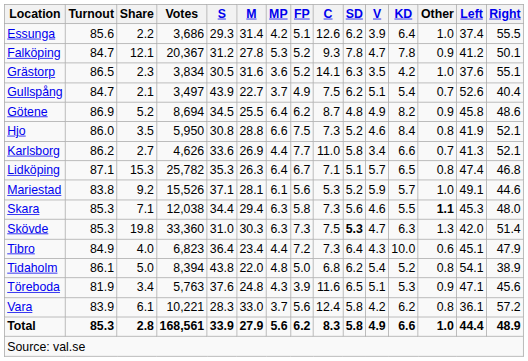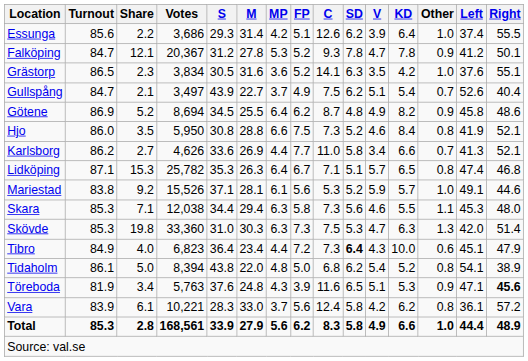 <table class="wikitable sortable" style=text-align:right>
 <tr>
 <th>Location</th>
 <th>Turnout</th>
 <th>Share</th>
 <th>Votes</th>
 <th><a href='#'>S</a></th>
 <th><a href='#'>M</a></th>
 <th><a href='#'>MP</a></th>
 <th><a href='#'>FP</a></th>
 <th><a href='#'>C</a></th>
 <th><a href='#'>SD</a></th>
 <th><a href='#'>V</a></th>
 <th><a href='#'>KD</a></th>
 <th>Other</th>
 <th><a href='#'>Left</a></th>
 <th><a href='#'>Right</a></th>
 </tr>
 <tr>
 <td align=left><a href='#'>Essunga</a></td>
 <td>85.6</td>
 <td>2.2</td>
 <td>3,686</td>
 <td>29.3</td>
 <td>31.4</td>
 <td>4.2</td>
 <td>5.1</td>
 <td>12.6</td>
 <td>6.2</td>
 <td>3.9</td>
 <td>6.4</td>
 <td>1.0</td>
 <td>37.4</td>
 <td>55.5</td>
 </tr>
 <tr>
 <td align=left><a href='#'>Falköping</a></td>
 <td>84.7</td>
 <td>12.1</td>
 <td>20,367</td>
 <td>31.2</td>
 <td>27.8</td>
 <td>5.3</td>
 <td>5.2</td>
 <td>9.3</td>
 <td>7.8</td>
 <td>4.7</td>
 <td>7.8</td>
 <td>0.9</td>
 <td>41.2</td>
 <td>50.1</td>
 </tr>
 <tr>
 <td align=left><a href='#'>Grästorp</a></td>
 <td>86.5</td>
 <td>2.3</td>
 <td>3,834</td>
 <td>30.5</td>
 <td>31.6</td>
 <td>3.6</td>
 <td>5.2</td>
 <td>14.1</td>
 <td>6.3</td>
 <td>3.5</td>
 <td>4.2</td>
 <td>1.0</td>
 <td>37.6</td>
 <td>55.1</td>
 </tr>
 <tr>
 <td align=left><a href='#'>Gullspång</a></td>
 <td>84.7</td>
 <td>2.1</td>
 <td>3,497</td>
 <td>43.9</td>
 <td>22.7</td>
 <td>3.7</td>
 <td>4.9</td>
 <td>7.5</td>
 <td>6.2</td>
 <td>5.1</td>
 <td>5.4</td>
 <td>0.7</td>
 <td>52.6</td>
 <td>40.4</td>
 </tr>
 <tr>
 <td align=left><a href='#'>Götene</a></td>
 <td>86.9</td>
 <td>5.2</td>
 <td>8,694</td>
 <td>34.5</td>
 <td>25.5</td>
 <td>6.4</td>
 <td>6.2</td>
 <td>8.7</td>
 <td>4.8</td>
 <td>4.9</td>
 <td>8.2</td>
 <td>0.9</td>
 <td>45.8</td>
 <td>48.6</td>
 </tr>
 <tr>
 <td align=left><a href='#'>Hjo</a></td>
 <td>86.0</td>
 <td>3.5</td>
 <td>5,950</td>
 <td>30.8</td>
 <td>28.8</td>
 <td>6.6</td>
 <td>7.5</td>
 <td>7.3</td>
 <td>5.2</td>
 <td>4.6</td>
 <td>8.4</td>
 <td>0.8</td>
 <td>41.9</td>
 <td>52.1</td>
 </tr>
 <tr>
 <td align=left><a href='#'>Karlsborg</a></td>
 <td>86.2</td>
 <td>2.7</td>
 <td>4,626</td>
 <td>33.6</td>
 <td>26.9</td>
 <td>4.4</td>
 <td>7.7</td>
 <td>11.0</td>
 <td>5.8</td>
 <td>3.4</td>
 <td>6.6</td>
 <td>0.7</td>
 <td>41.3</td>
 <td>52.1</td>
 </tr>
 <tr>
 <td align=left><a href='#'>Lidköping</a></td>
 <td>87.1</td>
 <td>15.3</td>
 <td>25,782</td>
 <td>35.3</td>
 <td>26.3</td>
 <td>6.4</td>
 <td>6.7</td>
 <td>7.1</td>
 <td>5.1</td>
 <td>5.7</td>
 <td>6.5</td>
 <td>0.8</td>
 <td>47.4</td>
 <td>46.8</td>
 </tr>
 <tr>
 <td align=left><a href='#'>Mariestad</a></td>
 <td>83.8</td>
 <td>9.2</td>
 <td>15,526</td>
 <td>37.1</td>
 <td>28.1</td>
 <td>6.1</td>
 <td>5.6</td>
 <td>5.3</td>
 <td>5.2</td>
 <td>5.9</td>
 <td>5.7</td>
 <td>1.0</td>
 <td>49.1</td>
 <td>44.6</td>
 </tr>
 <tr>
 <td align=left><a href='#'>Skara</a></td>
 <td>85.3</td>
 <td>7.1</td>
 <td>12,038</td>
 <td>34.4</td>
 <td>29.4</td>
 <td>6.3</td>
 <td>5.8</td>
 <td>7.3</td>
 <td>5.6</td>
 <td>4.6</td>
 <td>5.5</td>
-<td><strong>1.1</strong></td>
+<td>1.1</td>
 <td>45.3</td>
 <td>48.0</td>
 </tr>
 <tr>
 <td align=left><a href='#'>Skövde</a></td>
 <td>85.3</td>
 <td>19.8</td>
 <td>33,360</td>
 <td>31.0</td>
 <td>30.3</td>
 <td>6.3</td>
 <td>7.3</td>
 <td>7.5</td>
-<td><strong>5.3</strong></td>
+<td>5.3</td>
 <td>4.7</td>
 <td>6.3</td>
 <td>1.3</td>
 <td>42.0</td>
 <td>51.4</td>
 </tr>
 <tr>
 <td align=left><a href='#'>Tibro</a></td>
 <td>84.9</td>
 <td>4.0</td>
 <td>6,823</td>
 <td>36.4</td>
 <td>23.4</td>
 <td>4.4</td>
 <td>7.2</td>
 <td>7.3</td>
-<td>6.4</td>
+<td><strong>6.4</strong></td>
 <td>4.3</td>
 <td>10.0</td>
 <td>0.6</td>
 <td>45.1</td>
 <td>47.9</td>
 </tr>
 <tr>
 <td align=left><a href='#'>Tidaholm</a></td>
 <td>86.1</td>
 <td>5.0</td>
 <td>8,394</td>
 <td>43.8</td>
 <td>22.0</td>
 <td>4.8</td>
 <td>5.0</td>
 <td>6.8</td>
 <td>6.2</td>
 <td>5.4</td>
 <td>5.2</td>
 <td>0.8</td>
 <td>54.1</td>
 <td>38.9</td>
 </tr>
 <tr>
 <td align=left><a href='#'>Töreboda</a></td>
 <td>81.9</td>
 <td>3.4</td>
 <td>5,763</td>
 <td>37.6</td>
 <td>24.8</td>
 <td>4.3</td>
 <td>3.9</td>
 <td>11.6</td>
 <td>6.5</td>
 <td>5.1</td>
 <td>5.3</td>
 <td>0.9</td>
 <td>47.1</td>
-<td>45.6</td>
+<td><strong>45.6</strong></td>
 </tr>
 <tr>
 <td align=left><a href='#'>Vara</a></td>
 <td>83.9</td>
 <td>6.1</td>
 <td>10,221</td>
 <td>28.3</td>
 <td>33.0</td>
 <td>3.7</td>
 <td>5.6</td>
 <td>12.4</td>
 <td>5.8</td>
 <td>4.2</td>
 <td>6.2</td>
 <td>0.8</td>
 <td>36.1</td>
 <td>57.2</td>
 </tr>
 <tr>
 <td align=left><strong>Total</strong></td>
 <td><strong>85.3</strong></td>
 <td><strong>2.8</strong></td>
 <td><strong>168,561</strong></td>
 <td><strong>33.9</strong></td>
 <td><strong>27.9</strong></td>
 <td><strong>5.6</strong></td>
 <td><strong>6.2</strong></td>
 <td><strong>8.3</strong></td>
 <td><strong>5.8</strong></td>
 <td><strong>4.9</strong></td>
 <td><strong>6.6</strong></td>
 <td><strong>1.0</strong></td>
 <td><strong>44.4</strong></td>
 <td><strong>48.9</strong></td>
 </tr>
 <tr>
 <td align=left colspan=15>Source: val.se </td>
 </tr>
 </table>
